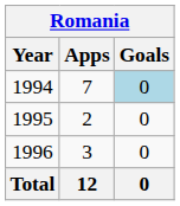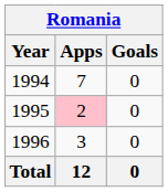 <table class="wikitable" style="text-align:center">
 <tr>
 <th colspan=3><a href='#'>Romania</a></th>
 </tr>
 <tr>
 <th>Year</th>
 <th>Apps</th>
 <th>Goals</th>
 </tr>
 <tr>
 <td>1994</td>
 <td>7</td>
-<td style="background: lightblue;">0</td>
+<td>0</td>
 </tr>
 <tr>
 <td>1995</td>
-<td>2</td>
+<td style="background: pink;">2</td>
 <td>0</td>
 </tr>
 <tr>
 <td>1996</td>
 <td>3</td>
 <td>0</td>
 </tr>
 <tr>
 <th>Total</th>
 <th>12</th>
 <th>0</th>
 </tr>
 </table>
